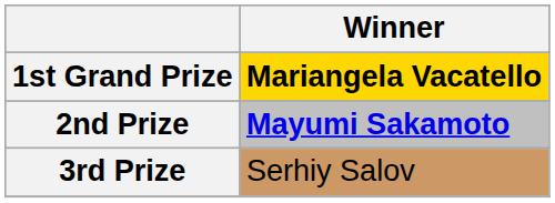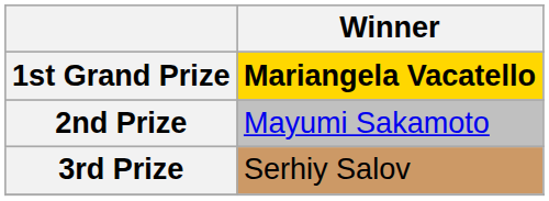 <table class="wikitable">
 <tr>
 <th></th>
 <th>Winner</th>
 </tr>
 <tr>
 <th>1st Grand Prize</th>
 <td bgcolor="gold"> <strong>Mariangela Vacatello</strong></td>
 </tr>
 <tr>
 <th>2nd Prize</th>
-<td bgcolor="silver"><strong> <a href='#'>Mayumi Sakamoto</a></strong></td>
+<td bgcolor="silver"> <a href='#'>Mayumi Sakamoto</a></td>
 </tr>
 <tr>
 <th>3rd Prize</th>
 <td bgcolor="cc9966"> Serhiy Salov</td>
 </tr>
 <tr>
 </tr>
 </table>
